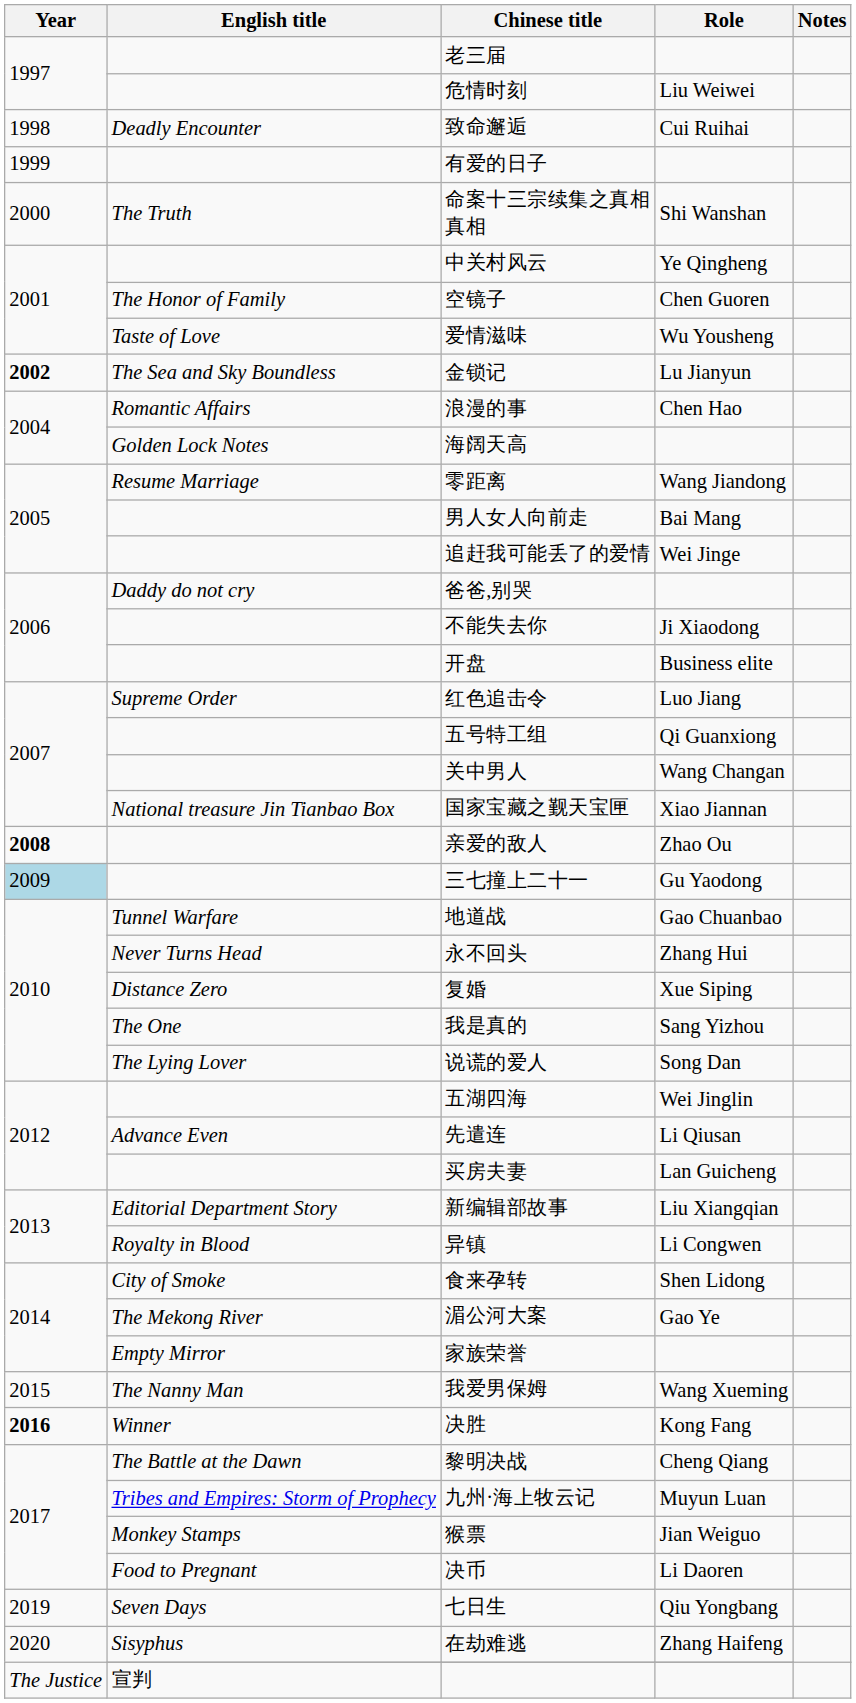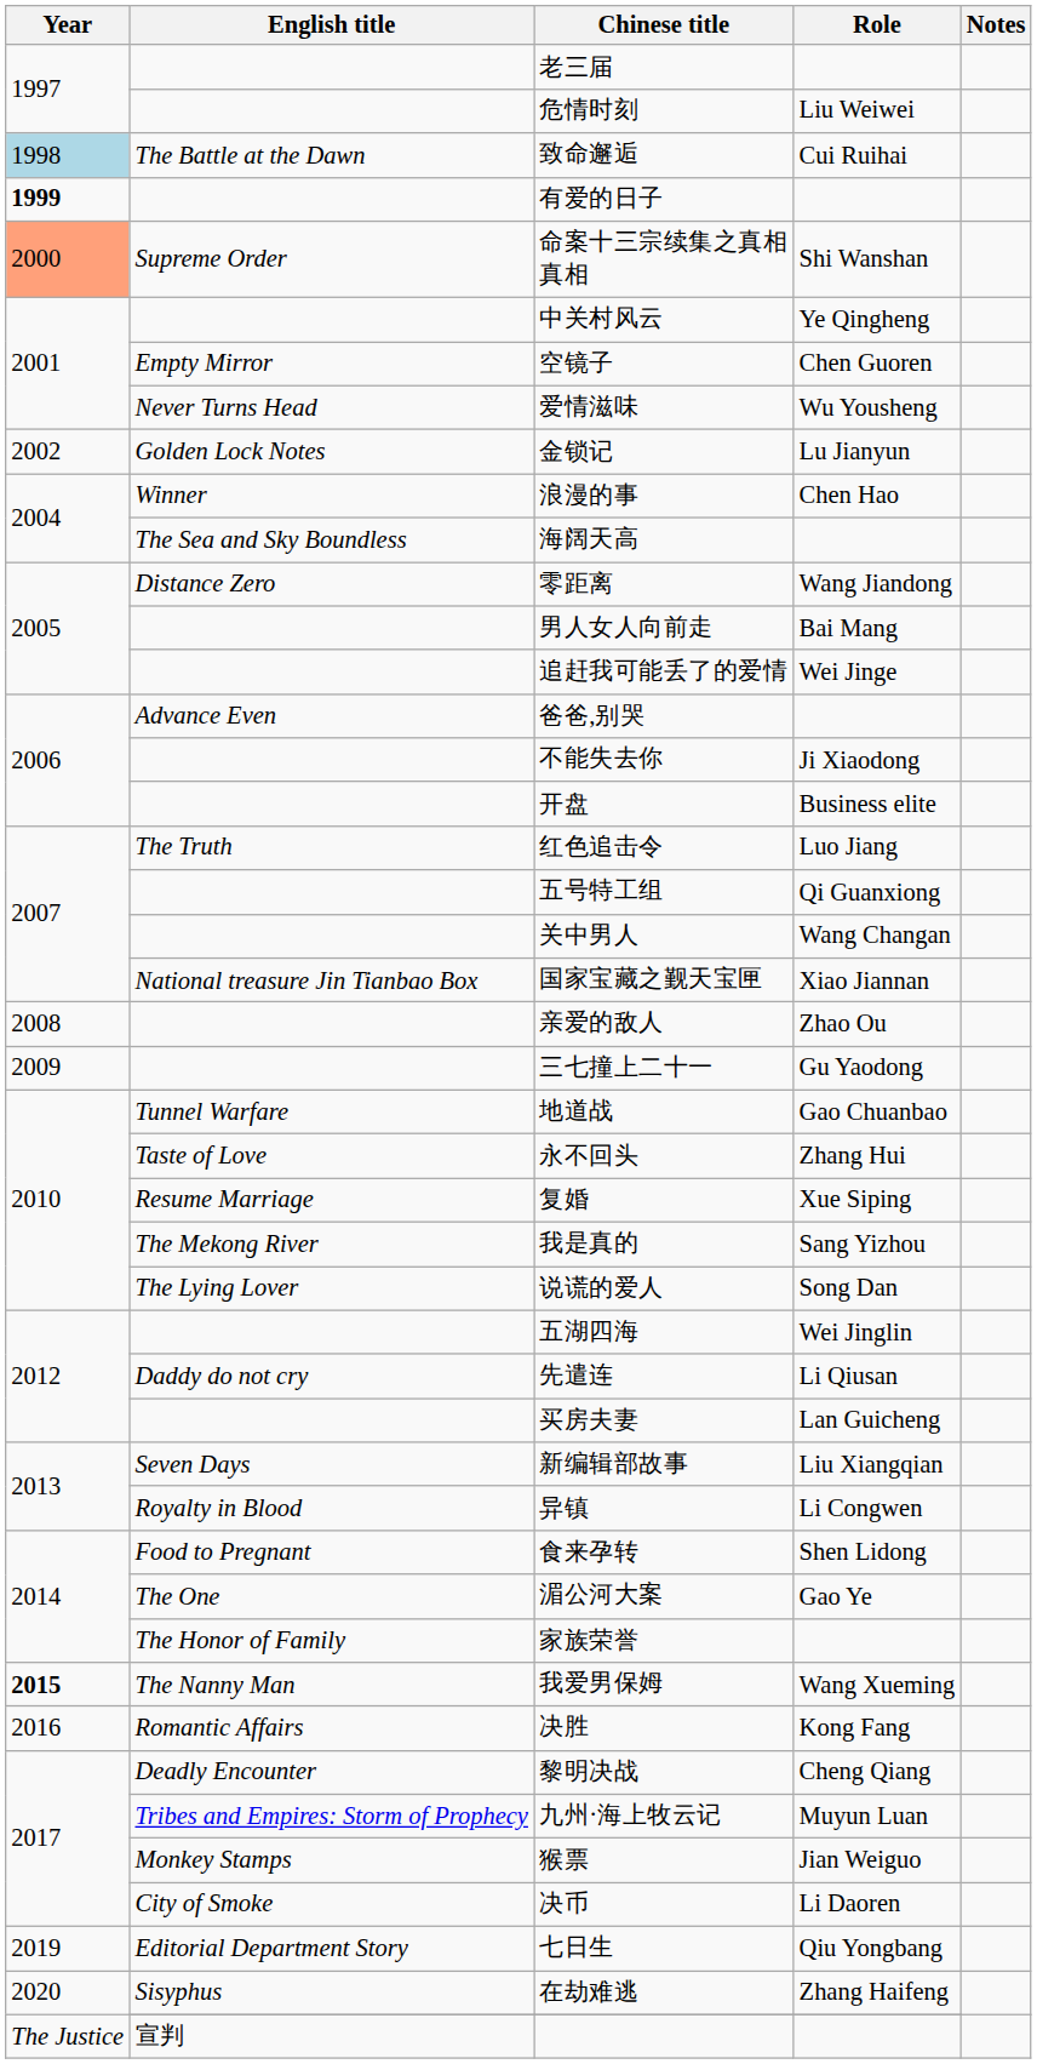 <table class="wikitable sortable">
 <tr>
 <th>Year</th>
 <th>English title</th>
 <th>Chinese title</th>
 <th>Role</th>
 <th>Notes</th>
 </tr>
 <tr>
 <td rowspan=2>1997</td>
 <td></td>
 <td>老三届</td>
 <td></td>
 <td></td>
 </tr>
 <tr>
 <td></td>
 <td>危情时刻</td>
 <td>Liu Weiwei</td>
 <td></td>
 </tr>
 <tr>
-<td>1998</td>
-<td><em>Deadly Encounter</em></td>
+<td style="background: lightblue;">1998</td>
+<td><em>The Battle at the Dawn</em></td>
 <td>致命邂逅</td>
 <td>Cui Ruihai</td>
 <td></td>
 </tr>
 <tr>
-<td>1999</td>
+<td><strong>1999</strong></td>
 <td></td>
 <td>有爱的日子</td>
 <td></td>
 <td></td>
 </tr>
 <tr>
-<td>2000</td>
-<td><em>The Truth</em></td>
+<td style="background: lightsalmon;">2000</td>
+<td><em>Supreme Order</em></td>
 <td>命案十三宗续集之真相<br>真相</td>
 <td>Shi Wanshan</td>
 <td></td>
 </tr>
 <tr>
 <td rowspan=3>2001</td>
 <td></td>
 <td>中关村风云</td>
 <td>Ye Qingheng</td>
 <td></td>
 </tr>
 <tr>
-<td><em>The Honor of Family</em></td>
+<td><em>Empty Mirror</em></td>
 <td>空镜子</td>
 <td>Chen Guoren</td>
 <td></td>
 </tr>
 <tr>
-<td><em>Taste of Love</em></td>
+<td><em>Never Turns Head</em></td>
 <td>爱情滋味</td>
 <td>Wu Yousheng</td>
 <td></td>
 </tr>
 <tr>
-<td><strong>2002</strong></td>
-<td><em>The Sea and Sky Boundless</em></td>
+<td>2002</td>
+<td><em>Golden Lock Notes</em></td>
 <td>金锁记</td>
 <td>Lu Jianyun</td>
 <td></td>
 </tr>
 <tr>
 <td rowspan=2>2004</td>
-<td><em>Romantic Affairs</em></td>
+<td><em>Winner</em></td>
 <td>浪漫的事</td>
 <td>Chen Hao</td>
 <td></td>
 </tr>
 <tr>
-<td><em>Golden Lock Notes</em></td>
+<td><em>The Sea and Sky Boundless</em></td>
 <td>海阔天高</td>
 <td></td>
 <td></td>
 </tr>
 <tr>
 <td rowspan=3>2005</td>
-<td><em>Resume Marriage</em></td>
+<td><em>Distance Zero</em></td>
 <td>零距离</td>
 <td>Wang Jiandong</td>
 <td></td>
 </tr>
 <tr>
 <td></td>
 <td>男人女人向前走</td>
 <td>Bai Mang</td>
 <td></td>
 </tr>
 <tr>
 <td></td>
 <td>追赶我可能丢了的爱情</td>
 <td>Wei Jinge</td>
 <td></td>
 </tr>
 <tr>
 <td rowspan=3>2006</td>
-<td><em>Daddy do not cry</em></td>
+<td><em>Advance Even</em></td>
 <td>爸爸,别哭</td>
 <td></td>
 <td></td>
 </tr>
 <tr>
 <td></td>
 <td>不能失去你</td>
 <td>Ji Xiaodong</td>
 <td></td>
 </tr>
 <tr>
 <td></td>
 <td>开盘</td>
 <td>Business elite</td>
 <td></td>
 </tr>
 <tr>
 <td rowspan=4>2007</td>
-<td><em>Supreme Order</em></td>
+<td><em>The Truth</em></td>
 <td>红色追击令</td>
 <td>Luo Jiang</td>
 <td></td>
 </tr>
 <tr>
 <td></td>
 <td>五号特工组</td>
 <td>Qi Guanxiong</td>
 <td></td>
 </tr>
 <tr>
 <td></td>
 <td>关中男人</td>
 <td>Wang Changan</td>
 <td></td>
 </tr>
 <tr>
 <td><em>National treasure Jin Tianbao Box</em></td>
 <td>国家宝藏之觐天宝匣</td>
 <td>Xiao Jiannan</td>
 <td></td>
 </tr>
 <tr>
-<td><strong>2008</strong></td>
+<td>2008</td>
 <td></td>
 <td>亲爱的敌人</td>
 <td>Zhao Ou</td>
 <td></td>
 </tr>
 <tr>
-<td style="background: lightblue;">2009</td>
+<td>2009</td>
 <td></td>
 <td>三七撞上二十一</td>
 <td>Gu Yaodong</td>
 <td></td>
 </tr>
 <tr>
 <td rowspan=5>2010</td>
 <td><em>Tunnel Warfare</em></td>
 <td>地道战</td>
 <td>Gao Chuanbao</td>
 <td></td>
 </tr>
 <tr>
-<td><em>Never Turns Head</em></td>
+<td><em>Taste of Love</em></td>
 <td>永不回头</td>
 <td>Zhang Hui</td>
 <td></td>
 </tr>
 <tr>
-<td><em>Distance Zero</em></td>
+<td><em>Resume Marriage</em></td>
 <td>复婚</td>
 <td>Xue Siping</td>
 <td></td>
 </tr>
 <tr>
-<td><em>The One</em></td>
+<td><em>The Mekong River</em></td>
 <td>我是真的</td>
 <td>Sang Yizhou</td>
 <td></td>
 </tr>
 <tr>
 <td><em>The Lying Lover</em></td>
 <td>说谎的爱人</td>
 <td>Song Dan</td>
 <td></td>
 </tr>
 <tr>
 <td rowspan=3>2012</td>
 <td></td>
 <td>五湖四海</td>
 <td>Wei Jinglin</td>
 <td></td>
 </tr>
 <tr>
-<td><em>Advance Even</em></td>
+<td><em>Daddy do not cry</em></td>
 <td>先遣连</td>
 <td>Li Qiusan</td>
 <td></td>
 </tr>
 <tr>
 <td></td>
 <td>买房夫妻</td>
 <td>Lan Guicheng</td>
 <td></td>
 </tr>
 <tr>
 <td rowspan=2>2013</td>
-<td><em>Editorial Department Story</em></td>
+<td><em>Seven Days</em></td>
 <td>新编辑部故事</td>
 <td>Liu Xiangqian</td>
 <td></td>
 </tr>
 <tr>
 <td><em>Royalty in Blood</em></td>
 <td>异镇</td>
 <td>Li Congwen</td>
 <td></td>
 </tr>
 <tr>
 <td rowspan=3>2014</td>
-<td><em>City of Smoke</em></td>
+<td><em>Food to Pregnant</em></td>
 <td>食来孕转</td>
 <td>Shen Lidong</td>
 <td></td>
 </tr>
 <tr>
-<td><em>The Mekong River</em></td>
+<td><em>The One</em></td>
 <td>湄公河大案</td>
 <td>Gao Ye</td>
 <td></td>
 </tr>
 <tr>
-<td><em>Empty Mirror</em></td>
+<td><em>The Honor of Family</em></td>
 <td>家族荣誉</td>
 <td></td>
 <td></td>
 </tr>
 <tr>
-<td>2015</td>
+<td><strong>2015</strong></td>
 <td><em>The Nanny Man</em></td>
 <td>我爱男保姆</td>
 <td>Wang Xueming</td>
 <td></td>
 </tr>
 <tr>
-<td><strong>2016</strong></td>
-<td><em>Winner</em></td>
+<td>2016</td>
+<td><em>Romantic Affairs</em></td>
 <td>决胜</td>
 <td>Kong Fang</td>
 <td></td>
 </tr>
 <tr>
 <td rowspan=4>2017</td>
-<td><em>The Battle at the Dawn</em></td>
+<td><em>Deadly Encounter</em></td>
 <td>黎明决战</td>
 <td>Cheng Qiang</td>
 <td></td>
 </tr>
 <tr>
 <td><em><a href='#'>Tribes and Empires: Storm of Prophecy</a></em></td>
 <td>九州·海上牧云记</td>
 <td>Muyun Luan</td>
 <td></td>
 </tr>
 <tr>
 <td><em>Monkey Stamps</em></td>
 <td>猴票</td>
 <td>Jian Weiguo</td>
 <td></td>
 </tr>
 <tr>
-<td><em>Food to Pregnant</em></td>
+<td><em>City of Smoke</em></td>
 <td>决币</td>
 <td>Li Daoren</td>
 <td></td>
 </tr>
 <tr>
 <td>2019</td>
-<td><em>Seven Days</em></td>
+<td><em>Editorial Department Story</em></td>
 <td>七日生</td>
 <td>Qiu Yongbang</td>
 <td></td>
 </tr>
 <tr>
 <td rowspan="2">2020</td>
 <td><em>Sisyphus</em></td>
 <td>在劫难逃</td>
 <td>Zhang Haifeng</td>
 <td></td>
 </tr>
 <tr>
 </tr>
 <tr>
 <td><em>The Justice</em></td>
 <td>宣判</td>
 <td></td>
 <td></td>
 </tr>
 </table>
